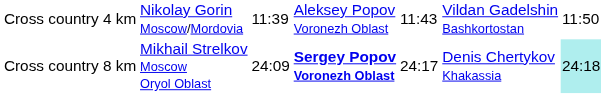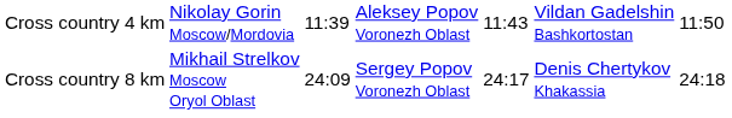 <table>
 <tr>
 <td>Cross country 4 km</td>
 <td><a href='#'>Nikolay Gorin</a><br><small><a href='#'>Moscow</a>/<a href='#'>Mordovia</a></small></td>
 <td>11:39</td>
 <td><a href='#'>Aleksey Popov</a><br><small><a href='#'>Voronezh Oblast</a></small></td>
 <td>11:43</td>
 <td><a href='#'>Vildan Gadelshin</a><br><small><a href='#'>Bashkortostan</a></small></td>
 <td>11:50</td>
 </tr>
 <tr>
 <td>Cross country 8 km</td>
 <td><a href='#'>Mikhail Strelkov</a><br><small><a href='#'>Moscow</a></small><br> <small><a href='#'>Oryol Oblast</a></small></td>
 <td>24:09</td>
-<td><strong><a href='#'>Sergey Popov</a><br><small><a href='#'>Voronezh Oblast</a></small></strong></td>
+<td><a href='#'>Sergey Popov</a><br><small><a href='#'>Voronezh Oblast</a></small></td>
 <td>24:17</td>
 <td><a href='#'>Denis Chertykov</a><br><small><a href='#'>Khakassia</a></small></td>
-<td style="background: paleturquoise;">24:18</td>
+<td>24:18</td>
 </tr>
 </table>
